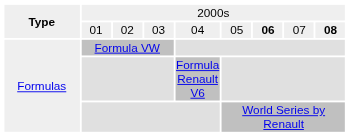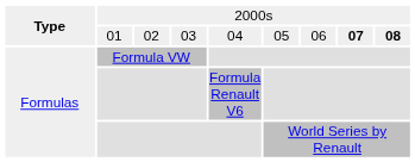 <table style="margin: 0.5em auto; clear: both; font-size:80%;" class="toccolours">
 <tr>
 <td align=center rowspan=2 width=80 style="background:#EFEFEF;"><strong>Type</strong></td>
 <td align=center colspan=13 style="background:#EFEFEF;">2000s</td>
 </tr>
 <tr align=center style="background:#EFEFEF;">
 <td width=30>01</td>
 <td width=30>02</td>
 <td width=30>03</td>
 <td width=30>04</td>
 <td width=30>05</td>
-<td width=30><strong>06</strong></td>
-<td width=30>07</td>
+<td width=30>06</td>
+<td width=30><strong>07</strong></td>
 <td width=30><strong>08</strong></td>
 </tr>
 <tr align=center>
 <td style="background:#EFEFEF;" rowspan=3><a href='#'>Formulas</a></td>
 <td colspan= 3 style="background:#C0C0C0;"><a href='#'>Formula VW</a></td>
 <td colspan= 5 style="background:#E0E0E0;"></td>
 </tr>
 <tr align=center>
 <td colspan= 3 style="background:#E0E0E0;"></td>
 <td colspan= 1 style="background:#C0C0C0;"><a href='#'>Formula Renault V6</a></td>
 <td colspan= 4 style="background:#E0E0E0;"></td>
 </tr>
 <tr align=center>
 <td colspan= 4 style="background:#E0E0E0;"></td>
 <td colspan= 4 style="background:#C0C0C0;"><a href='#'>World Series by Renault</a></td>
 </tr>
 </table>
